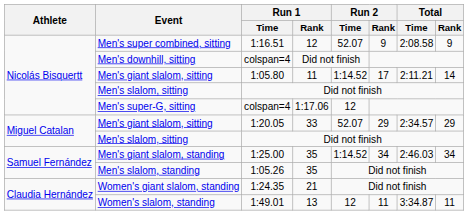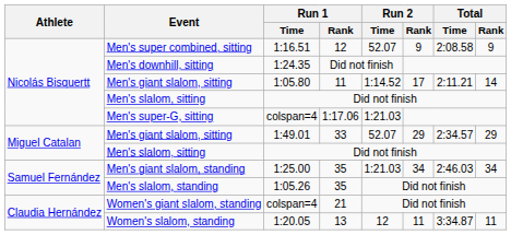 <table class=wikitable style=font-size:90%;text-align:center>
 <tr>
 <th rowspan=2>Athlete</th>
 <th rowspan=2>Event</th>
 <th colspan=2>Run 1</th>
 <th colspan=2>Run 2</th>
 <th colspan=2>Total</th>
 </tr>
 <tr style="font-size: 95%">
 <th>Time</th>
 <th>Rank</th>
 <th>Time</th>
 <th>Rank</th>
 <th>Time</th>
 <th>Rank</th>
 </tr>
 <tr>
 <td rowspan=5 align=left><a href='#'>Nicolás Bisquertt</a></td>
 <td align=left><a href='#'>Men's super combined, sitting</a></td>
 <td>1:16.51</td>
 <td>12</td>
 <td>52.07</td>
 <td>9</td>
 <td>2:08.58</td>
 <td>9</td>
 </tr>
 <tr>
 <td align=left><a href='#'>Men's downhill, sitting</a></td>
-<td>colspan=4 </td>
+<td>1:24.35</td>
 <td colspan=2>Did not finish</td>
 </tr>
 <tr>
 <td align=left><a href='#'>Men's giant slalom, sitting</a></td>
 <td>1:05.80</td>
 <td>11</td>
 <td>1:14.52</td>
 <td>17</td>
 <td>2:11.21</td>
 <td>14</td>
 </tr>
 <tr>
 <td align=left><a href='#'>Men's slalom, sitting</a></td>
 <td colspan=6>Did not finish</td>
 </tr>
 <tr>
 <td align=left><a href='#'>Men's super-G, sitting</a></td>
 <td>colspan=4 </td>
 <td>1:17.06</td>
-<td>12</td>
+<td>1:21.03</td>
 </tr>
 <tr>
 <td rowspan=2 align=left><a href='#'>Miguel Catalan</a></td>
 <td align=left><a href='#'>Men's giant slalom, sitting</a></td>
-<td>1:20.05</td>
+<td>1:49.01</td>
 <td>33</td>
 <td>52.07</td>
 <td>29</td>
 <td>2:34.57</td>
 <td>29</td>
 </tr>
 <tr>
 <td align=left><a href='#'>Men's slalom, sitting</a></td>
 <td colspan=6>Did not finish</td>
 </tr>
 <tr>
 <td rowspan=2 align=left><a href='#'>Samuel Fernández</a></td>
 <td align=left><a href='#'>Men's giant slalom, standing</a></td>
 <td>1:25.00</td>
 <td>35</td>
-<td>1:14.52</td>
+<td>1:21.03</td>
 <td>34</td>
 <td>2:46.03</td>
 <td>34</td>
 </tr>
 <tr>
 <td align=left><a href='#'>Men's slalom, standing</a></td>
 <td>1:05.26</td>
 <td>35</td>
 <td colspan=4>Did not finish</td>
 </tr>
 <tr>
 <td rowspan=2 align=left><a href='#'>Claudia Hernández</a></td>
 <td align=left><a href='#'>Women's giant slalom, standing</a></td>
-<td>1:24.35</td>
+<td>colspan=4 </td>
 <td>21</td>
 <td colspan=4>Did not finish</td>
 </tr>
 <tr>
 <td align=left><a href='#'>Women's slalom, standing</a></td>
-<td>1:49.01</td>
+<td>1:20.05</td>
 <td>13</td>
 <td>12</td>
 <td>11</td>
 <td>3:34.87</td>
 <td>11</td>
 </tr>
 </table>
